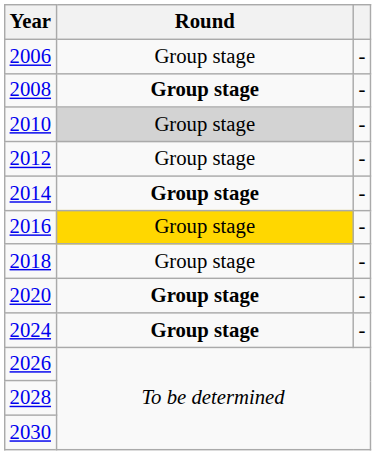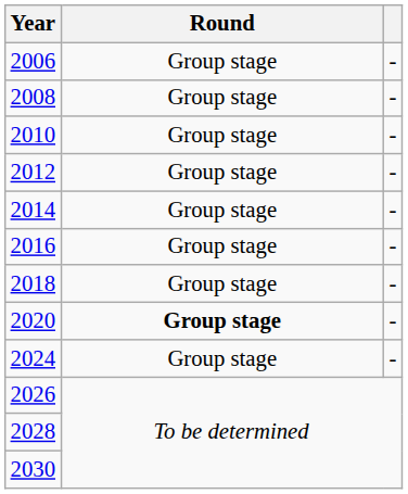 <table class="wikitable" style="text-align: center; font-size:90%">
 <tr>
 <th>Year</th>
 <th style="width:200px">Round</th>
 <th></th>
 </tr>
 <tr>
 <td><a href='#'>2006</a></td>
 <td>Group stage</td>
 <td>-</td>
 </tr>
 <tr>
 <td><a href='#'>2008</a></td>
-<td><strong>Group stage</strong></td>
+<td>Group stage</td>
 <td>-</td>
 </tr>
 <tr>
 <td><a href='#'>2010</a></td>
-<td style="background: lightgrey;">Group stage</td>
+<td>Group stage</td>
 <td>-</td>
 </tr>
 <tr>
 <td><a href='#'>2012</a></td>
 <td>Group stage</td>
 <td>-</td>
 </tr>
 <tr>
 <td><a href='#'>2014</a></td>
-<td><strong>Group stage</strong></td>
+<td>Group stage</td>
 <td>-</td>
 </tr>
 <tr>
 <td><a href='#'>2016</a></td>
-<td style="background: gold;">Group stage</td>
+<td>Group stage</td>
 <td>-</td>
 </tr>
 <tr>
 <td><a href='#'>2018</a></td>
 <td>Group stage</td>
 <td>-</td>
 </tr>
 <tr>
 <td><a href='#'>2020</a></td>
 <td><strong>Group stage</strong></td>
 <td>-</td>
 </tr>
 <tr>
 <td><a href='#'>2024</a></td>
-<td><strong>Group stage</strong></td>
+<td>Group stage</td>
 <td>-</td>
 </tr>
 <tr>
 <td><a href='#'>2026</a></td>
 <td colspan="2" rowspan="3"><em>To be determined</em></td>
 </tr>
 <tr>
 <td><a href='#'>2028</a></td>
 </tr>
 <tr>
 <td><a href='#'>2030</a></td>
 </tr>
 </table>
